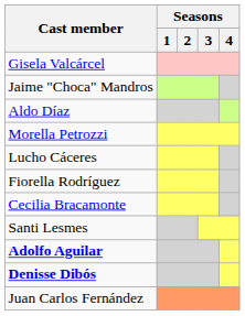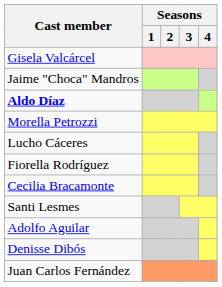 <table class="wikitable" style="margin:left">
 <tr>
 <th rowspan="2">Cast member</th>
 <th colspan="4" style="text-align:center">Seasons</th>
 </tr>
 <tr>
 <th width="15">1</th>
 <th width="15">2</th>
 <th width="15">3</th>
 <th width="15">4</th>
 </tr>
 <tr>
 <td><a href='#'>Gisela Valcárcel</a></td>
 <td colspan="4" style="background:#ffc6c6"></td>
 </tr>
 <tr>
 <td>Jaime "Choca" Mandros</td>
 <td colspan="3" style="background:#ccff88"></td>
 <td colspan="1" style="background:lightgrey"></td>
 </tr>
 <tr>
-<td><a href='#'>Aldo Díaz</a></td>
+<td><strong><a href='#'>Aldo Díaz</a></strong></td>
 <td colspan="3" style="background:lightgrey"></td>
 <td colspan="1" style="background:#ccff88"></td>
 </tr>
 <tr>
 <td><a href='#'>Morella Petrozzi</a></td>
 <td colspan="4" style="background:#FF6"></td>
 </tr>
 <tr>
 <td>Lucho Cáceres</td>
 <td colspan="3" style="background:#FF6"></td>
 <td colspan="1" style="background:lightgrey"></td>
 </tr>
 <tr>
 <td>Fiorella Rodríguez</td>
 <td colspan="3" style="background:#FF6"></td>
 <td colspan="1" style="background:lightgrey"></td>
 </tr>
 <tr>
 <td><a href='#'>Cecilia Bracamonte</a></td>
 <td colspan="3" style="background:#FF6"></td>
 <td colspan="1" style="background:lightgrey"></td>
 </tr>
 <tr>
 <td>Santi Lesmes</td>
 <td colspan="2" style="background:lightgrey"></td>
 <td colspan="2" style="background:#FF6"></td>
 </tr>
 <tr>
-<td><strong><a href='#'>Adolfo Aguilar</a></strong></td>
+<td><a href='#'>Adolfo Aguilar</a></td>
 <td colspan="3" style="background:lightgrey"></td>
 <td colspan="1" style="background:#FF6"></td>
 </tr>
 <tr>
-<td><strong><a href='#'>Denisse Dibós</a></strong></td>
+<td><a href='#'>Denisse Dibós</a></td>
 <td colspan="3" style="background:lightgrey"></td>
 <td colspan="1" style="background:#FF6"></td>
 </tr>
 <tr>
 <td>Juan Carlos Fernández</td>
 <td colspan="4" style="background:#F96"></td>
 </tr>
 </table>
